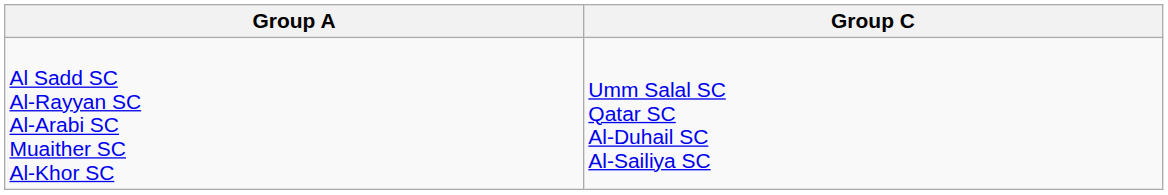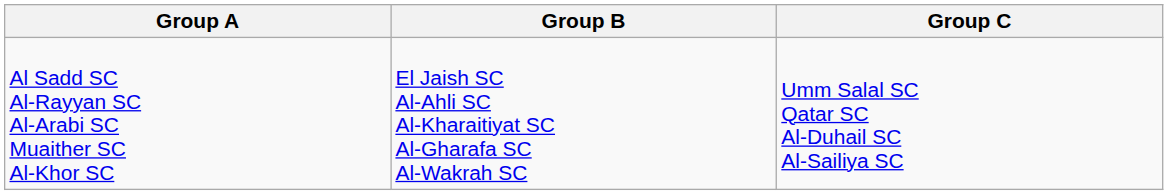 <table class="wikitable" width=70%>
 <tr>
 <th width=20%>Group A</th>
+<th width=20%>Group B</th>
 <th width=20%>Group C</th>
 </tr>
 <tr>
 <td><br><a href='#'>Al Sadd SC</a> <br> <a href='#'>Al-Rayyan SC</a> <br> <a href='#'>Al-Arabi SC</a> <br> <a href='#'>Muaither SC</a> <br> <a href='#'>Al-Khor SC</a> <br></td>
+<td><br><a href='#'>El Jaish SC</a> <br> <a href='#'>Al-Ahli SC</a> <br> <a href='#'>Al-Kharaitiyat SC</a> <br> <a href='#'>Al-Gharafa SC</a> <br> <a href='#'>Al-Wakrah SC</a> <br></td>
 <td><br><a href='#'>Umm Salal SC</a> <br> <a href='#'>Qatar SC</a> <br> <a href='#'>Al-Duhail SC</a> <br> <a href='#'>Al-Sailiya  SC</a> <br></td>
 </tr>
 </table>
